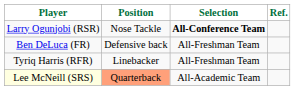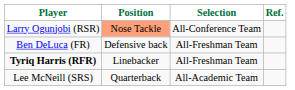 <table class="wikitable sortable sortable" style="text-align: center">
 <tr align=center>
 <th style="background: white; color: #00703C">Player</th>
 <th style="background: white; color: #00703C">Position</th>
 <th style="background: white; color: #00703C">Selection</th>
 <th style="background: white; color: #00703C" class="unsortable">Ref.</th>
 </tr>
 <tr>
 <td><a href='#'>Larry Ogunjobi</a> (RSR)</td>
-<td>Nose Tackle</td>
-<td><strong>All-Conference Team</strong></td>
+<td style="background: lightsalmon;">Nose Tackle</td>
+<td>All-Conference Team</td>
 <td></td>
 </tr>
 <tr>
 <td><a href='#'>Ben DeLuca</a> (FR)</td>
 <td>Defensive back</td>
 <td>All-Freshman Team</td>
 <td></td>
 </tr>
 <tr>
-<td>Tyriq Harris (RFR)</td>
+<td><strong>Tyriq Harris (RFR)</strong></td>
 <td>Linebacker</td>
 <td>All-Freshman Team</td>
 <td></td>
 </tr>
 <tr>
-<td style="background: lightyellow;">Lee McNeill (SRS)</td>
-<td style="background: lightsalmon;">Quarterback</td>
+<td>Lee McNeill (SRS)</td>
+<td>Quarterback</td>
 <td>All-Academic Team</td>
 <td></td>
 </tr>
 </table>
